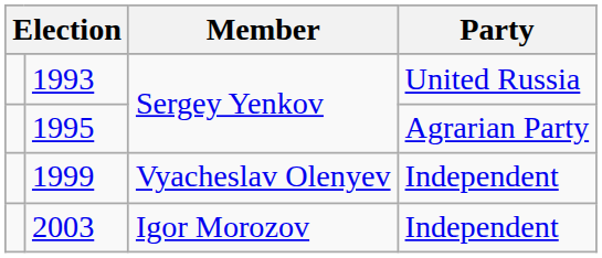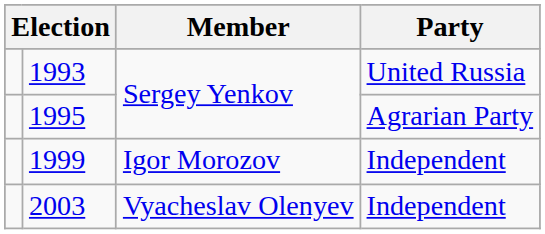 <table class="wikitable">
 <tr>
 <th colspan="2">Election</th>
 <th>Member</th>
 <th>Party</th>
 </tr>
 <tr>
 <td style="background-color:"></td>
 <td><a href='#'>1993</a></td>
 <td rowspan=2><a href='#'>Sergey Yenkov</a></td>
 <td><a href='#'>United Russia</a></td>
 </tr>
 <tr>
 <td style="background-color:"></td>
 <td><a href='#'>1995</a></td>
 <td><a href='#'>Agrarian Party</a></td>
 </tr>
 <tr>
 <td style="background-color:"></td>
 <td><a href='#'>1999</a></td>
-<td><a href='#'>Vyacheslav Olenyev</a></td>
+<td><a href='#'>Igor Morozov</a></td>
 <td><a href='#'>Independent</a></td>
 </tr>
 <tr>
 <td style="background-color:"></td>
 <td><a href='#'>2003</a></td>
-<td><a href='#'>Igor Morozov</a></td>
+<td><a href='#'>Vyacheslav Olenyev</a></td>
 <td><a href='#'>Independent</a></td>
 </tr>
 </table>
